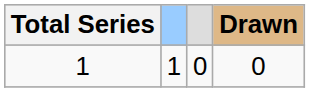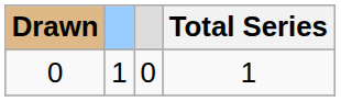 <table class="wikitable">
 <tr>
-<th>Total Series</th>
+<th style="background:#deb887">Drawn</th>
 <th style="background:#99ccff"></th>
 <th style="background:#ddd"></th>
-<th style="background:#deb887">Drawn</th>
+<th>Total Series</th>
 </tr>
 <tr>
-<td align="center">1</td>
+<td align="center">0</td>
 <td align="center">1</td>
 <td align="center">0</td>
-<td align="center">0</td>
+<td align="center">1</td>
 </tr>
 </table>
